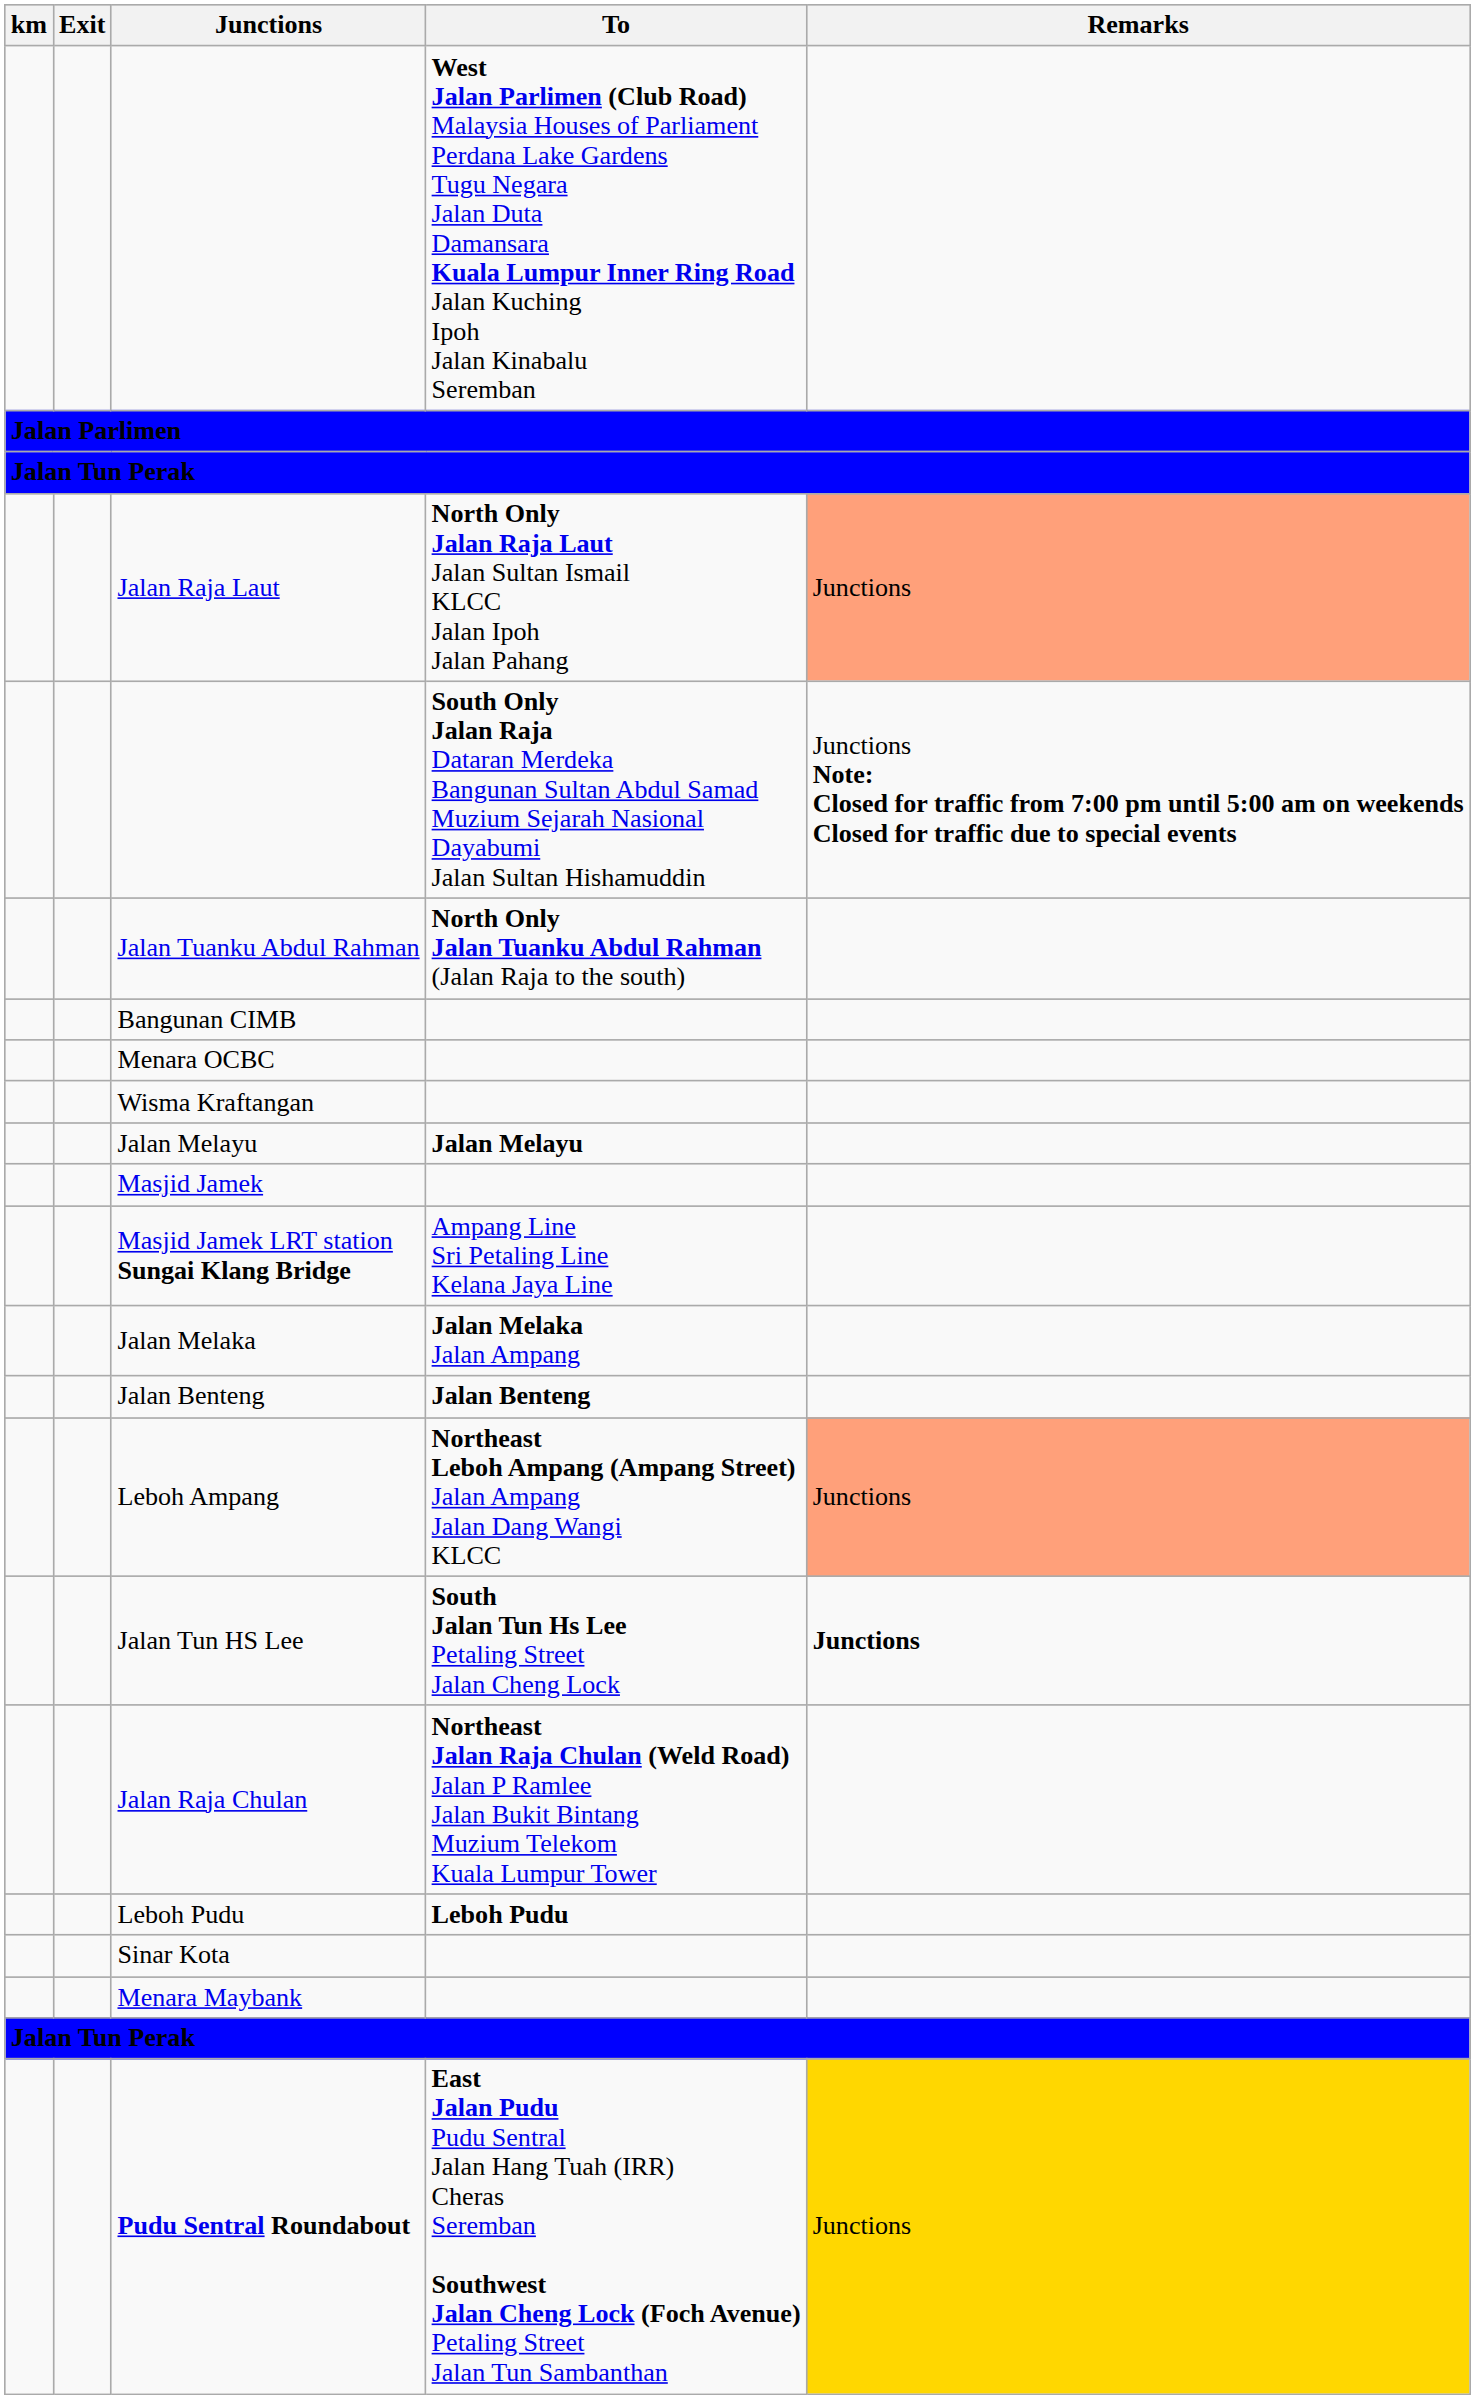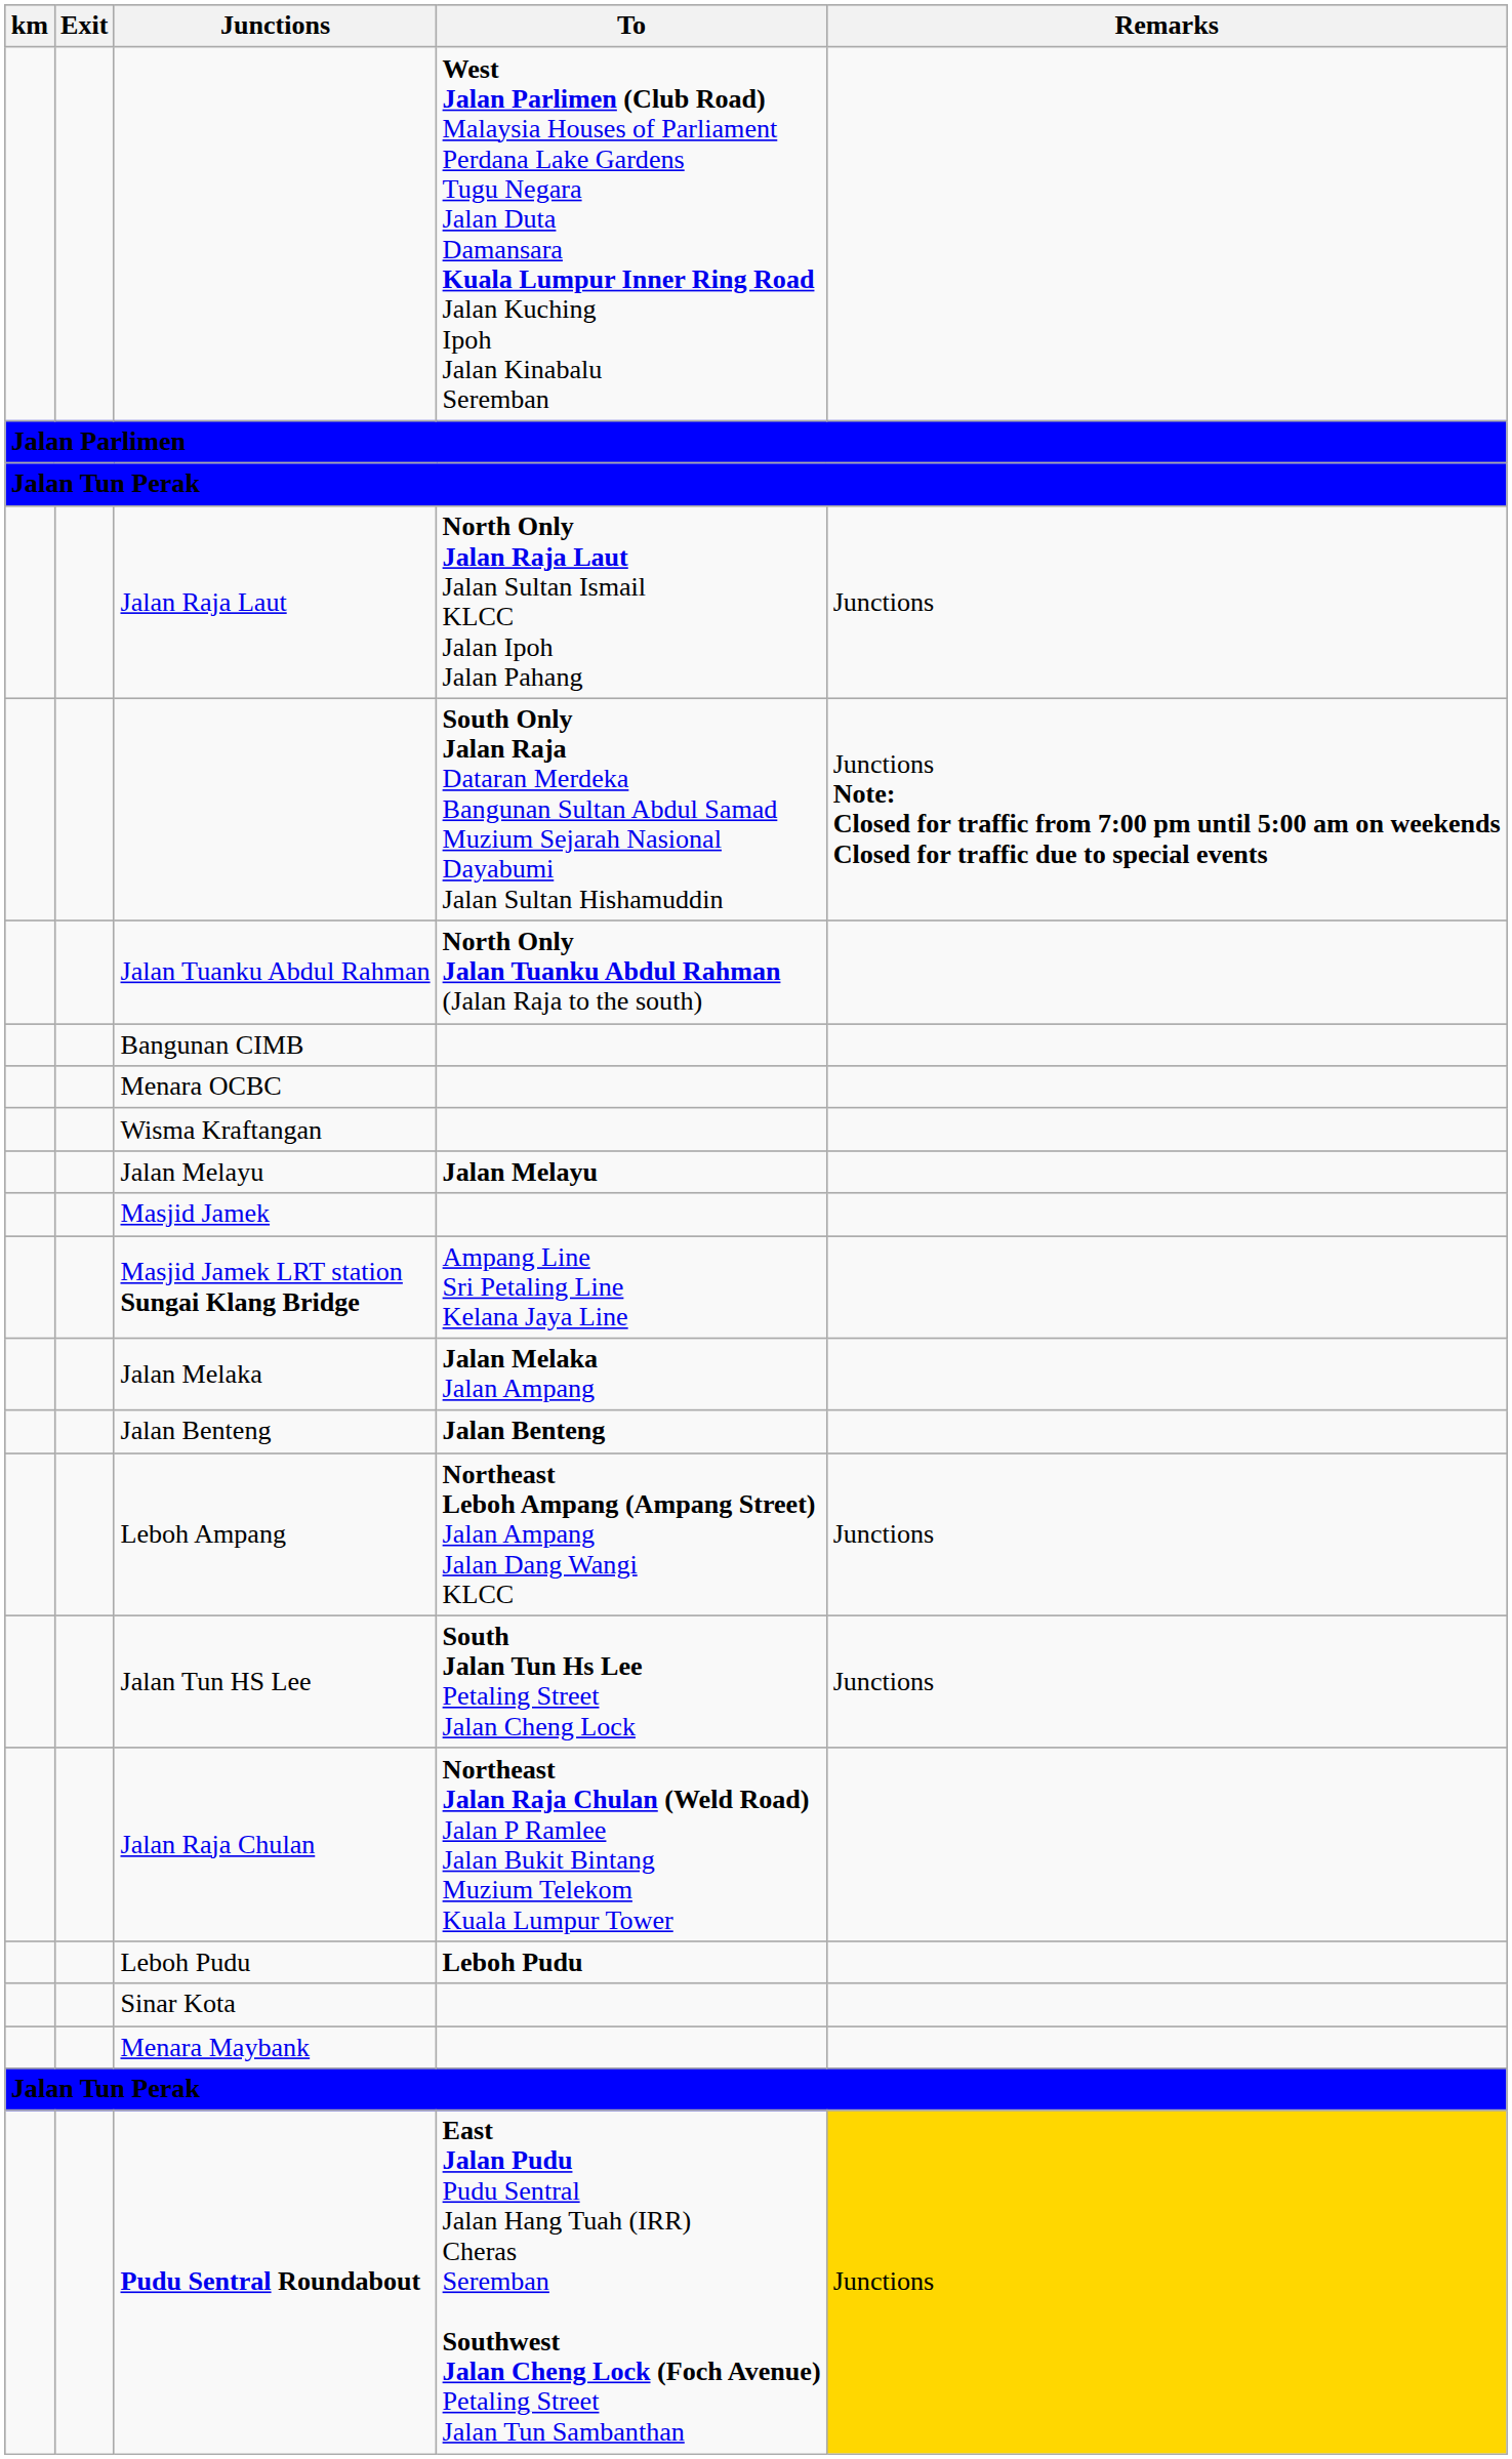 <table class="wikitable">
 <tr>
 <th>km</th>
 <th>Exit</th>
 <th>Junctions</th>
 <th>To</th>
 <th>Remarks</th>
 </tr>
 <tr>
 <td></td>
 <td></td>
 <td></td>
 <td><strong>West</strong><br><strong><a href='#'>Jalan Parlimen</a> (Club Road)</strong><br><a href='#'>Malaysia Houses of Parliament</a><br><a href='#'>Perdana Lake Gardens</a><br><a href='#'>Tugu Negara</a><br><a href='#'>Jalan Duta</a><br> <a href='#'>Damansara</a><br><strong><a href='#'>Kuala Lumpur Inner Ring Road</a></strong><br>Jalan Kuching<br>Ipoh<br>Jalan Kinabalu<br>Seremban</td>
 <td></td>
 </tr>
 <tr>
 <td style="width:600px" colspan="6" style="text-align:center" bgcolor="blue"><strong><span>Jalan Parlimen</span></strong></td>
 </tr>
 <tr>
 <td style="width:600px" colspan="6" style="text-align:center" bgcolor="blue"><strong><span>Jalan Tun Perak</span></strong></td>
 </tr>
 <tr>
 <td></td>
 <td></td>
 <td><a href='#'>Jalan Raja Laut</a></td>
 <td><strong>North Only</strong><br><strong><a href='#'>Jalan Raja Laut</a></strong><br>Jalan Sultan Ismail<br>KLCC<br>Jalan Ipoh<br>Jalan Pahang</td>
-<td style="background: lightsalmon;">Junctions</td>
+<td>Junctions</td>
 </tr>
 <tr>
 <td></td>
 <td></td>
 <td></td>
 <td><strong>South Only</strong><br><strong>Jalan Raja</strong><br><a href='#'>Dataran Merdeka</a><br><a href='#'>Bangunan Sultan Abdul Samad</a><br><a href='#'>Muzium Sejarah Nasional</a><br><a href='#'>Dayabumi</a><br>Jalan Sultan Hishamuddin</td>
 <td>Junctions<br><strong>Note:</strong><br><strong>Closed for traffic from 7:00 pm until 5:00 am on weekends</strong><br><strong>Closed for traffic due to special events</strong></td>
 </tr>
 <tr>
 <td></td>
 <td></td>
 <td><a href='#'>Jalan Tuanku Abdul Rahman</a></td>
 <td><strong>North Only</strong><br><strong><a href='#'>Jalan Tuanku Abdul Rahman</a></strong> <br>(Jalan Raja to the south)</td>
 <td></td>
 </tr>
 <tr>
 <td></td>
 <td></td>
 <td>Bangunan CIMB</td>
 <td></td>
 <td></td>
 </tr>
 <tr>
 <td></td>
 <td></td>
 <td>Menara OCBC</td>
 <td></td>
 <td></td>
 </tr>
 <tr>
 <td></td>
 <td></td>
 <td>Wisma Kraftangan</td>
 <td></td>
 <td></td>
 </tr>
 <tr>
 <td></td>
 <td></td>
 <td>Jalan Melayu</td>
 <td><strong>Jalan Melayu</strong></td>
 <td></td>
 </tr>
 <tr>
 <td></td>
 <td></td>
 <td><a href='#'>Masjid Jamek</a></td>
 <td></td>
 <td></td>
 </tr>
 <tr>
 <td></td>
 <td></td>
 <td><a href='#'>Masjid Jamek LRT station</a><br><strong>Sungai Klang Bridge</strong></td>
 <td> <a href='#'>Ampang Line</a><br> <a href='#'>Sri Petaling Line</a><br> <a href='#'>Kelana Jaya Line</a></td>
 <td></td>
 </tr>
 <tr>
 <td></td>
 <td></td>
 <td>Jalan Melaka</td>
 <td><strong>Jalan Melaka</strong><br><a href='#'>Jalan Ampang</a></td>
 <td></td>
 </tr>
 <tr>
 <td></td>
 <td></td>
 <td>Jalan Benteng</td>
 <td><strong>Jalan Benteng</strong></td>
 <td></td>
 </tr>
 <tr>
 <td></td>
 <td></td>
 <td>Leboh Ampang</td>
 <td><strong>Northeast</strong><br><strong>Leboh Ampang (Ampang Street)</strong><br><a href='#'>Jalan Ampang</a><br><a href='#'>Jalan Dang Wangi</a><br>KLCC</td>
-<td style="background: lightsalmon;">Junctions</td>
+<td>Junctions</td>
 </tr>
 <tr>
 <td></td>
 <td></td>
 <td>Jalan Tun HS Lee</td>
 <td><strong>South</strong><br><strong>Jalan Tun Hs Lee</strong><br><a href='#'>Petaling Street</a><br><a href='#'>Jalan Cheng Lock</a></td>
-<td><strong>Junctions</strong></td>
+<td>Junctions</td>
 </tr>
 <tr>
 <td></td>
 <td></td>
 <td><a href='#'>Jalan Raja Chulan</a></td>
 <td><strong>Northeast</strong><br><strong><a href='#'>Jalan Raja Chulan</a> (Weld Road)</strong><br><a href='#'>Jalan P Ramlee</a><br><a href='#'>Jalan Bukit Bintang</a><br><a href='#'>Muzium Telekom</a><br><a href='#'>Kuala Lumpur Tower</a></td>
 <td></td>
 </tr>
 <tr>
 <td></td>
 <td></td>
 <td>Leboh Pudu</td>
 <td><strong>Leboh Pudu</strong></td>
 <td></td>
 </tr>
 <tr>
 <td></td>
 <td></td>
 <td>Sinar Kota</td>
 <td></td>
 <td></td>
 </tr>
 <tr>
 <td></td>
 <td></td>
 <td><a href='#'>Menara Maybank</a></td>
 <td></td>
 <td></td>
 </tr>
 <tr>
 <td style="width:600px" colspan="6" style="text-align:center" bgcolor="blue"><strong><span>Jalan Tun Perak</span></strong></td>
 </tr>
 <tr>
 <td></td>
 <td></td>
 <td><strong><a href='#'>Pudu Sentral</a> Roundabout</strong></td>
 <td><strong>East</strong><br><strong><a href='#'>Jalan Pudu</a></strong><br><a href='#'>Pudu Sentral</a><br>Jalan Hang Tuah (IRR)<br>Cheras<br> <a href='#'>Seremban</a><br><br><strong>Southwest</strong><br><strong><a href='#'>Jalan Cheng Lock</a> (Foch Avenue)</strong><br><a href='#'>Petaling Street</a><br><a href='#'>Jalan Tun Sambanthan</a></td>
 <td style="background: gold;">Junctions</td>
 </tr>
 </table>
